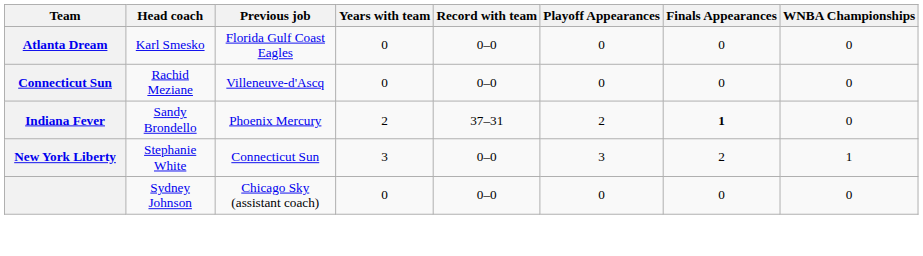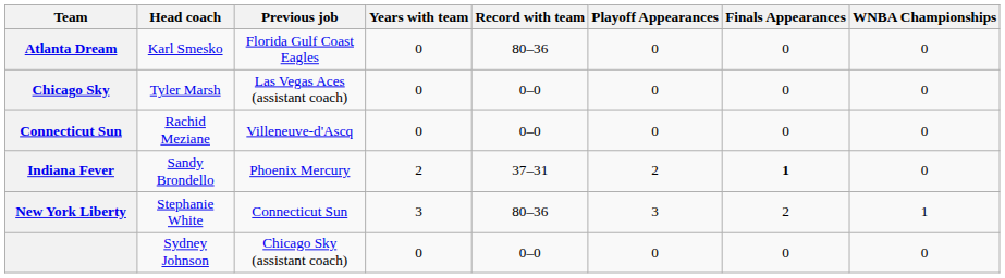 <table class="wikitable sortable" style="text-align: center;font-size:90%;">
 <tr>
 <th width="125">Team</th>
 <th width="90">Head coach</th>
 <th width="125">Previous job</th>
 <th>Years with team</th>
 <th>Record with team</th>
 <th>Playoff Appearances</th>
 <th>Finals Appearances</th>
 <th>WNBA Championships</th>
 </tr>
 <tr>
 <th><a href='#'><span>Atlanta Dream</span></a></th>
 <td><a href='#'>Karl Smesko</a></td>
 <td><a href='#'>Florida Gulf Coast Eagles</a></td>
+<td>0</td>
+<td>80–36</td>
+<td>0</td>
+<td>0</td>
+<td>0</td>
+</tr>
+<tr>
+<th><a href='#'><span>Chicago Sky</span></a></th>
+<td><a href='#'>Tyler Marsh</a></td>
+<td><a href='#'>Las Vegas Aces</a><br>(assistant coach)</td>
 <td>0</td>
 <td>0–0</td>
 <td>0</td>
 <td>0</td>
 <td>0</td>
 </tr>
 <tr>
 <th><a href='#'><span>Connecticut Sun</span></a></th>
 <td><a href='#'>Rachid Meziane</a></td>
 <td><a href='#'>Villeneuve-d'Ascq</a></td>
 <td>0</td>
 <td>0–0</td>
 <td>0</td>
 <td>0</td>
 <td>0</td>
 </tr>
 <tr>
 <th><a href='#'><span>Indiana Fever</span></a></th>
 <td><a href='#'>Sandy Brondello</a></td>
 <td><a href='#'>Phoenix Mercury</a></td>
 <td>2<br></td>
 <td>37–31</td>
 <td>2</td>
 <td><strong>1</strong></td>
 <td>0</td>
 </tr>
 <tr>
 <th><a href='#'><span>New York Liberty</span></a></th>
 <td><a href='#'>Stephanie White</a></td>
 <td><a href='#'>Connecticut Sun</a></td>
 <td>3</td>
-<td>0–0</td>
+<td>80–36</td>
 <td>3</td>
 <td>2</td>
 <td>1</td>
 </tr>
 <tr>
 <th></th>
 <td><a href='#'>Sydney Johnson</a></td>
 <td><a href='#'>Chicago Sky</a><br>(assistant coach)</td>
 <td>0</td>
 <td>0–0</td>
 <td>0</td>
 <td>0</td>
 <td>0</td>
 </tr>
 </table>
